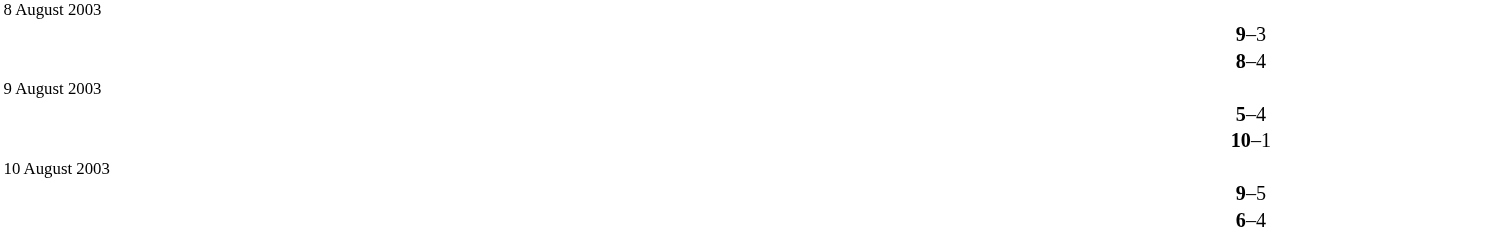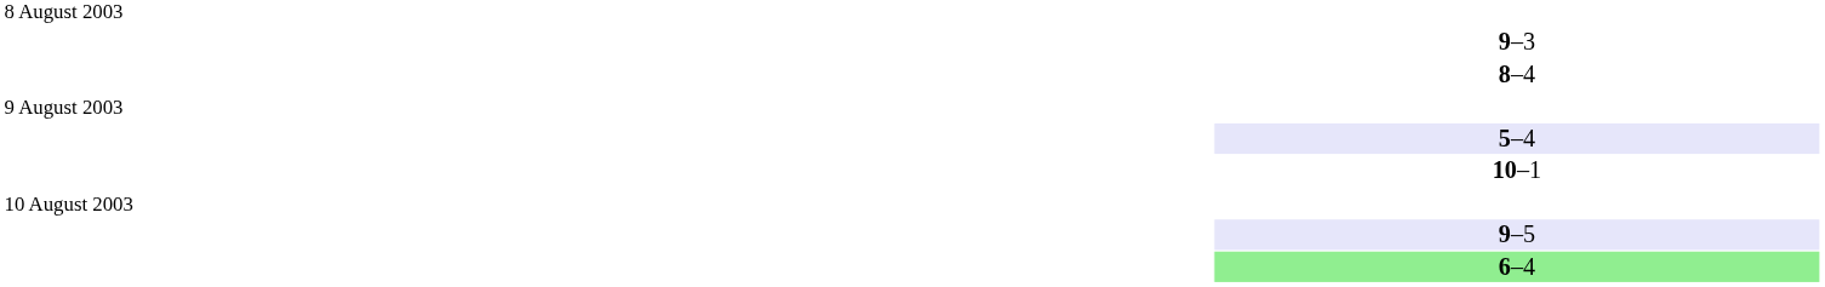 <table width=100% cellspacing=1>
 <tr>
 <th width=40%></th>
 <th width=20%></th>
 <th></th>
 </tr>
 <tr>
 <td><small>8 August 2003</small></td>
 </tr>
 <tr>
 <td align=right><strong></strong></td>
 <td align=center><strong>9</strong>–3</td>
 <td></td>
 </tr>
 <tr>
 <td align=right><strong></strong></td>
 <td align=center><strong>8</strong>–4</td>
 <td></td>
 </tr>
 <tr>
 <td><small>9 August 2003</small></td>
 </tr>
 <tr>
 <td align=right><strong></strong></td>
-<td align=center><strong>5</strong>–4</td>
+<td align=center style="background: lavender;"><strong>5</strong>–4</td>
 <td></td>
 </tr>
 <tr>
 <td align=right><strong></strong></td>
 <td align=center><strong>10</strong>–1</td>
 <td></td>
 </tr>
 <tr>
 <td><small>10 August 2003</small></td>
 </tr>
 <tr>
 <td align=right><strong></strong></td>
-<td align=center><strong>9</strong>–5</td>
+<td align=center style="background: lavender;"><strong>9</strong>–5</td>
 <td></td>
 </tr>
 <tr>
 <td align=right><strong></strong></td>
-<td align=center><strong>6</strong>–4</td>
+<td align=center style="background: lightgreen;"><strong>6</strong>–4</td>
 <td></td>
 </tr>
 </table>
